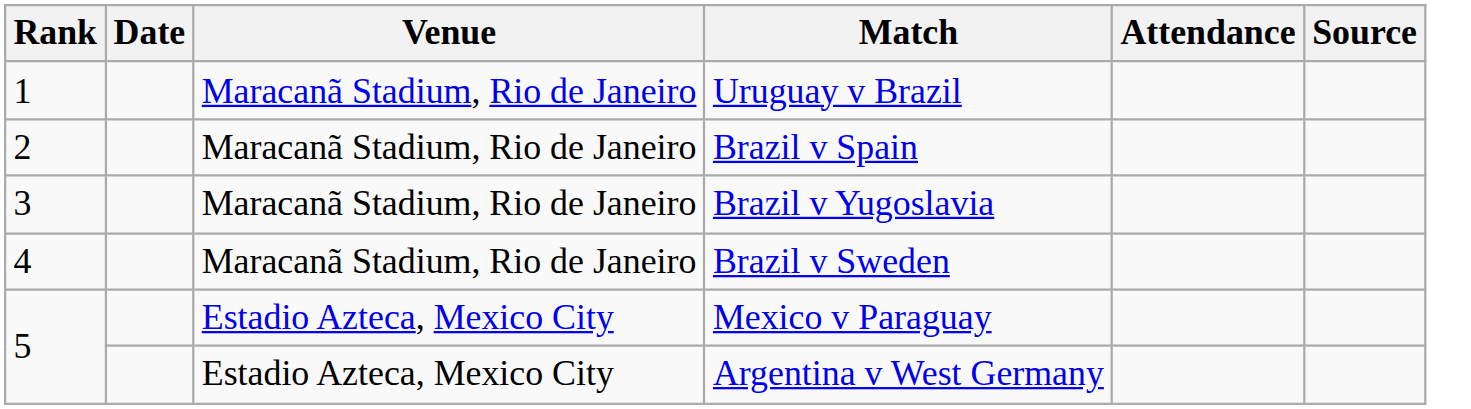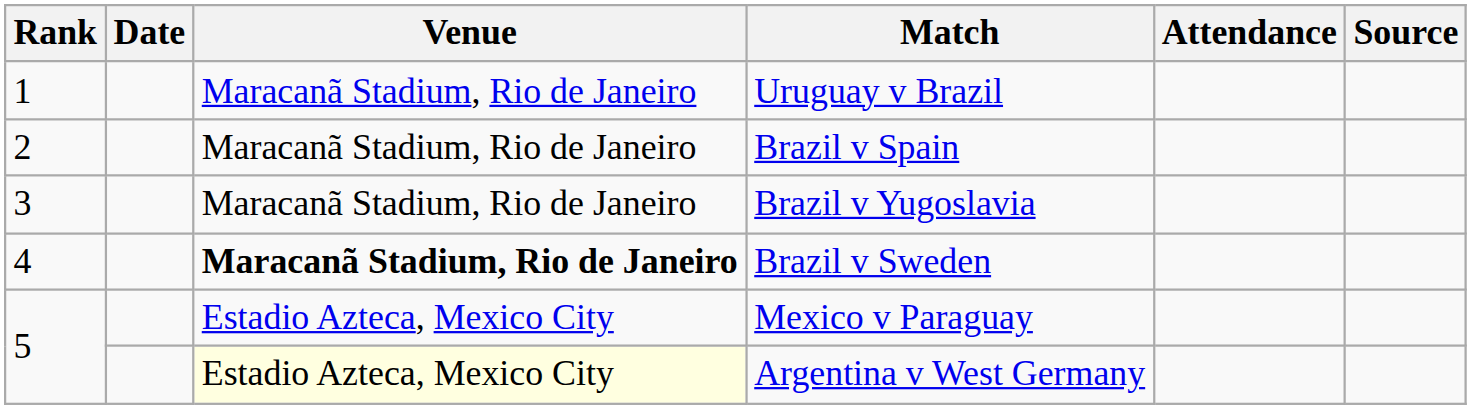 <table class="wikitable sortable">
 <tr>
 <th>Rank</th>
 <th>Date</th>
 <th>Venue</th>
 <th>Match</th>
 <th>Attendance</th>
 <th>Source</th>
 </tr>
 <tr>
 <td>1</td>
 <td></td>
 <td><a href='#'>Maracanã Stadium</a>, <a href='#'>Rio de Janeiro</a></td>
 <td><a href='#'>Uruguay v Brazil</a></td>
 <td></td>
 <td></td>
 </tr>
 <tr>
 <td>2</td>
 <td></td>
 <td>Maracanã Stadium, Rio de Janeiro</td>
 <td><a href='#'>Brazil v Spain</a></td>
 <td></td>
 <td></td>
 </tr>
 <tr>
 <td>3</td>
 <td></td>
 <td>Maracanã Stadium, Rio de Janeiro</td>
 <td><a href='#'>Brazil v Yugoslavia</a></td>
 <td></td>
 <td></td>
 </tr>
 <tr>
 <td>4</td>
 <td></td>
-<td>Maracanã Stadium, Rio de Janeiro</td>
+<td><strong>Maracanã Stadium, Rio de Janeiro</strong></td>
 <td><a href='#'>Brazil v Sweden</a></td>
 <td></td>
 <td></td>
 </tr>
 <tr>
 <td rowspan=2>5</td>
 <td></td>
 <td><a href='#'>Estadio Azteca</a>, <a href='#'>Mexico City</a></td>
 <td><a href='#'>Mexico v Paraguay</a></td>
 <td></td>
 <td></td>
 </tr>
 <tr>
 <td></td>
-<td>Estadio Azteca, Mexico City</td>
+<td style="background: lightyellow;">Estadio Azteca, Mexico City</td>
 <td><a href='#'>Argentina v West Germany</a></td>
 <td></td>
 <td></td>
 </tr>
 </table>
